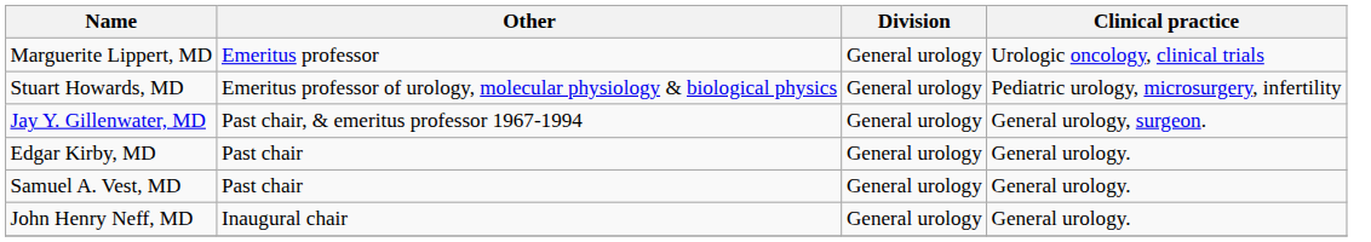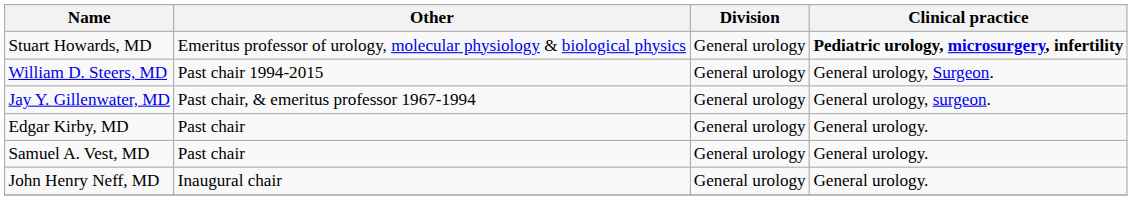 <table class="sortable wikitable">
 <tr>
 <th>Name</th>
 <th>Other</th>
 <th>Division</th>
 <th>Clinical practice</th>
 </tr>
 <tr>
-<td style="white-space: nowrap;">Marguerite Lippert, MD</td>
-<td><a href='#'>Emeritus</a> professor</td>
-<td style="white-space: nowrap;">General urology</td>
-<td>Urologic <a href='#'>oncology</a>, <a href='#'>clinical trials</a></td>
-</tr>
-<tr>
 <td style="white-space: nowrap;">Stuart Howards, MD</td>
 <td>Emeritus professor of urology, <a href='#'>molecular physiology</a> & <a href='#'>biological physics</a></td>
 <td style="white-space: nowrap;">General urology</td>
-<td>Pediatric urology, <a href='#'>microsurgery</a>, infertility</td>
+<td><strong>Pediatric urology, <a href='#'>microsurgery</a>, infertility</strong></td>
+</tr>
+<tr>
+<td style="white-space: nowrap;”"><a href='#'>William D. Steers, MD</a></td>
+<td>Past chair 1994-2015</td>
+<td style="white-space: nowrap;">General urology</td>
+<td>General urology, <a href='#'>Surgeon</a>.</td>
 </tr>
 <tr>
 <td style="white-space: nowrap;”"><a href='#'>Jay Y. Gillenwater, MD</a></td>
 <td>Past chair, & emeritus professor 1967-1994</td>
 <td style="white-space: nowrap;">General urology</td>
 <td>General urology, <a href='#'>surgeon</a>.</td>
 </tr>
 <tr>
 <td style="white-space: nowrap;”">Edgar Kirby, MD</td>
 <td>Past chair</td>
 <td style="white-space: nowrap;">General urology</td>
 <td>General urology.</td>
 </tr>
 <tr>
 <td style="white-space: nowrap;”">Samuel A. Vest, MD</td>
 <td>Past chair</td>
 <td style="white-space: nowrap;">General urology</td>
 <td>General urology.</td>
 </tr>
 <tr>
 <td style="white-space: nowrap;”">John Henry Neff, MD</td>
 <td>Inaugural chair</td>
 <td style="white-space: nowrap;">General urology</td>
 <td>General urology.</td>
 </tr>
 <tr>
 </tr>
 </table>
